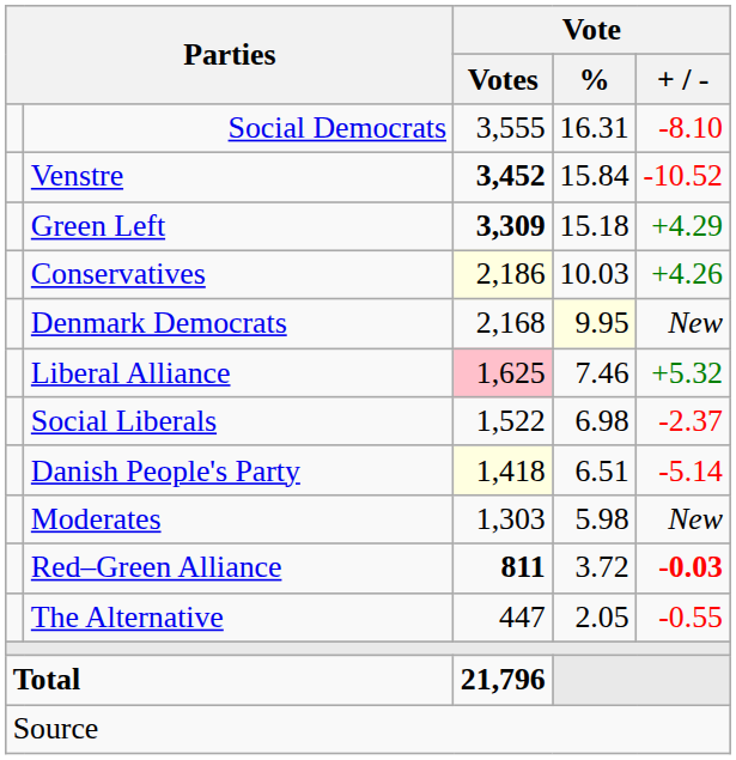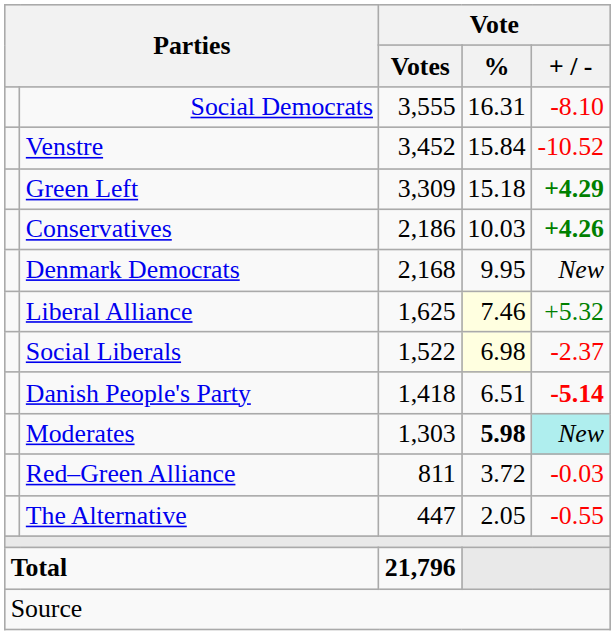 <table class="wikitable" style="text-align:right;">
 <tr>
 <th style="text-align:centre;" rowspan="2" colspan="2" width="225">Parties</th>
 <th colspan="3">Vote</th>
 </tr>
 <tr>
 <th width="15">Votes</th>
 <th width="15">%</th>
 <th width="15">+ / -</th>
 </tr>
 <tr>
 <td width=2 bgcolor=></td>
 <td><a href='#'>Social Democrats</a></td>
 <td>3,555</td>
 <td>16.31</td>
 <td style=color:red;>-8.10</td>
 </tr>
 <tr>
 <td width=2 bgcolor=></td>
 <td align=left><a href='#'>Venstre</a></td>
-<td><strong>3,452</strong></td>
+<td>3,452</td>
 <td>15.84</td>
 <td style=color:red;>-10.52</td>
 </tr>
 <tr>
 <td width=2 bgcolor=></td>
 <td align=left><a href='#'>Green Left</a></td>
-<td><strong>3,309</strong></td>
+<td>3,309</td>
 <td>15.18</td>
-<td style=color:green;>+4.29</td>
+<td style=color:green;><strong>+4.29</strong></td>
 </tr>
 <tr>
 <td width=2 bgcolor=></td>
 <td align=left><a href='#'>Conservatives</a></td>
-<td style="background: lightyellow;">2,186</td>
+<td>2,186</td>
 <td>10.03</td>
-<td style=color:green;>+4.26</td>
+<td style=color:green;><strong>+4.26</strong></td>
 </tr>
 <tr>
 <td width=2 bgcolor=></td>
 <td align=left><a href='#'>Denmark Democrats</a></td>
 <td>2,168</td>
-<td style="background: lightyellow;">9.95</td>
+<td>9.95</td>
 <td><em>New</em></td>
 </tr>
 <tr>
 <td width=2 bgcolor=></td>
 <td align=left><a href='#'>Liberal Alliance</a></td>
-<td style="background: pink;">1,625</td>
-<td>7.46</td>
+<td>1,625</td>
+<td style="background: lightyellow;">7.46</td>
 <td style=color:green;>+5.32</td>
 </tr>
 <tr>
 <td width=2 bgcolor=></td>
 <td align=left><a href='#'>Social Liberals</a></td>
 <td>1,522</td>
-<td>6.98</td>
+<td style="background: lightyellow;">6.98</td>
 <td style=color:red;>-2.37</td>
 </tr>
 <tr>
 <td width=2 bgcolor=></td>
 <td align=left><a href='#'>Danish People's Party</a></td>
-<td style="background: lightyellow;">1,418</td>
+<td>1,418</td>
 <td>6.51</td>
-<td style=color:red;>-5.14</td>
+<td style=color:red;><strong>-5.14</strong></td>
 </tr>
 <tr>
 <td width=2 bgcolor=></td>
 <td align=left><a href='#'>Moderates</a></td>
 <td>1,303</td>
-<td>5.98</td>
-<td><em>New</em></td>
+<td><strong>5.98</strong></td>
+<td style="background: paleturquoise;"><em>New</em></td>
 </tr>
 <tr>
 <td width=2 bgcolor=></td>
 <td align=left><a href='#'>Red–Green Alliance</a></td>
-<td><strong>811</strong></td>
+<td>811</td>
 <td>3.72</td>
-<td style=color:red;><strong>-0.03</strong></td>
+<td style=color:red;>-0.03</td>
 </tr>
 <tr>
 <td width=2 bgcolor=></td>
 <td align=left><a href='#'>The Alternative</a></td>
 <td>447</td>
 <td>2.05</td>
 <td style=color:red;>-0.55</td>
 </tr>
 <tr>
 <td colspan="7" bgcolor="#E9E9E9"></td>
 </tr>
 <tr>
 <td align="left" colspan="2"><strong>Total</strong></td>
 <td><strong>21,796</strong></td>
 <td bgcolor=#E9E9E9 colspan=2></td>
 </tr>
 <tr>
 <td align="left" colspan="6">Source</td>
 </tr>
 </table>
